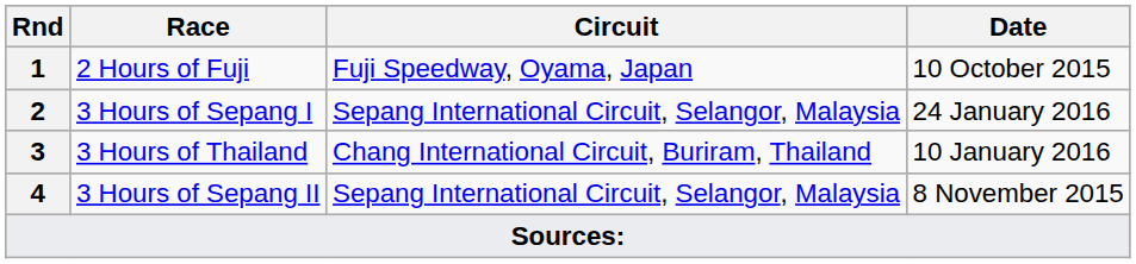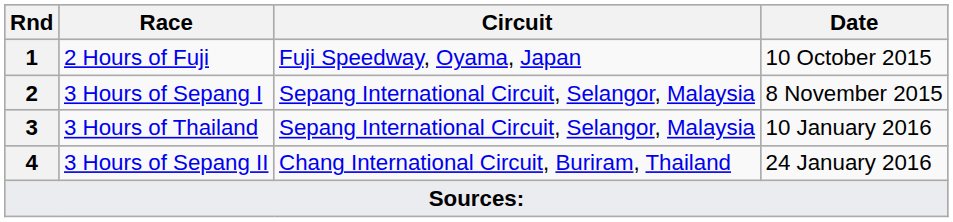 <table class="wikitable" style="font-size: 85%;">
 <tr>
 <th>Rnd</th>
 <th>Race</th>
 <th>Circuit</th>
 <th>Date</th>
 </tr>
 <tr>
 <th>1</th>
 <td><a href='#'>2 Hours of Fuji</a></td>
 <td> <a href='#'>Fuji Speedway</a>, <a href='#'>Oyama</a>, <a href='#'>Japan</a></td>
 <td>10 October 2015</td>
 </tr>
 <tr>
 <th>2</th>
 <td><a href='#'>3 Hours of Sepang I</a></td>
 <td> <a href='#'>Sepang International Circuit</a>, <a href='#'>Selangor</a>, <a href='#'>Malaysia</a></td>
-<td>24 January 2016</td>
+<td>8 November 2015</td>
 </tr>
 <tr>
 <th>3</th>
 <td><a href='#'>3 Hours of Thailand</a></td>
-<td> <a href='#'>Chang International Circuit</a>, <a href='#'>Buriram</a>, <a href='#'>Thailand</a></td>
+<td> <a href='#'>Sepang International Circuit</a>, <a href='#'>Selangor</a>, <a href='#'>Malaysia</a></td>
 <td>10 January 2016</td>
 </tr>
 <tr>
 <th>4</th>
 <td><a href='#'>3 Hours of Sepang II</a></td>
-<td> <a href='#'>Sepang International Circuit</a>, <a href='#'>Selangor</a>, <a href='#'>Malaysia</a></td>
-<td>8 November 2015</td>
+<td> <a href='#'>Chang International Circuit</a>, <a href='#'>Buriram</a>, <a href='#'>Thailand</a></td>
+<td>24 January 2016</td>
 </tr>
 <tr class="sortbottom">
 <td colspan="4" style="background-color:#EAECF0;text-align:center"><strong>Sources:</strong></td>
 </tr>
 </table>
